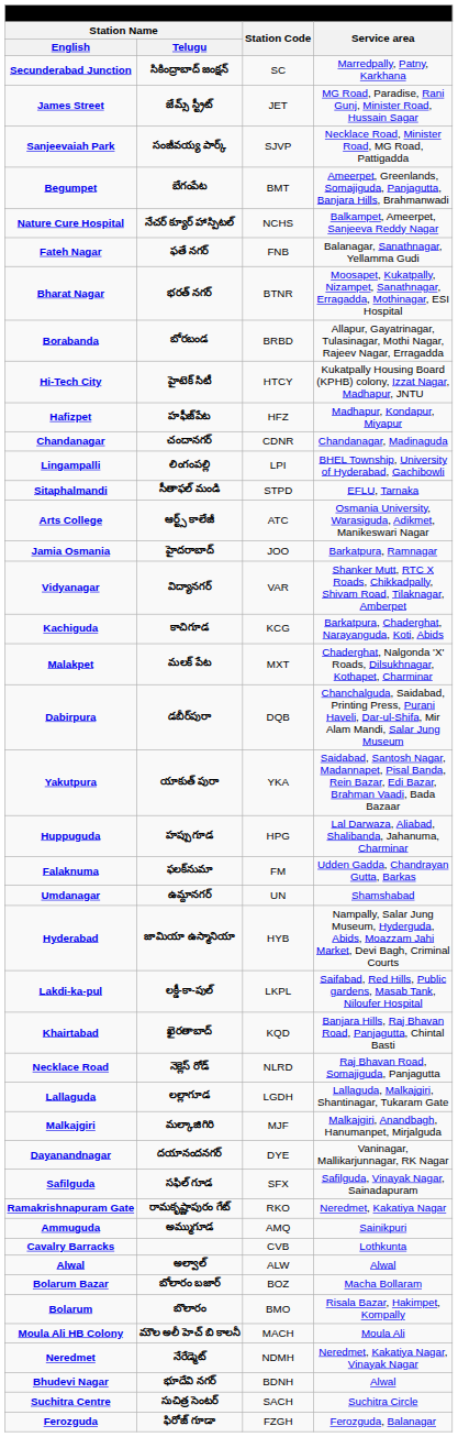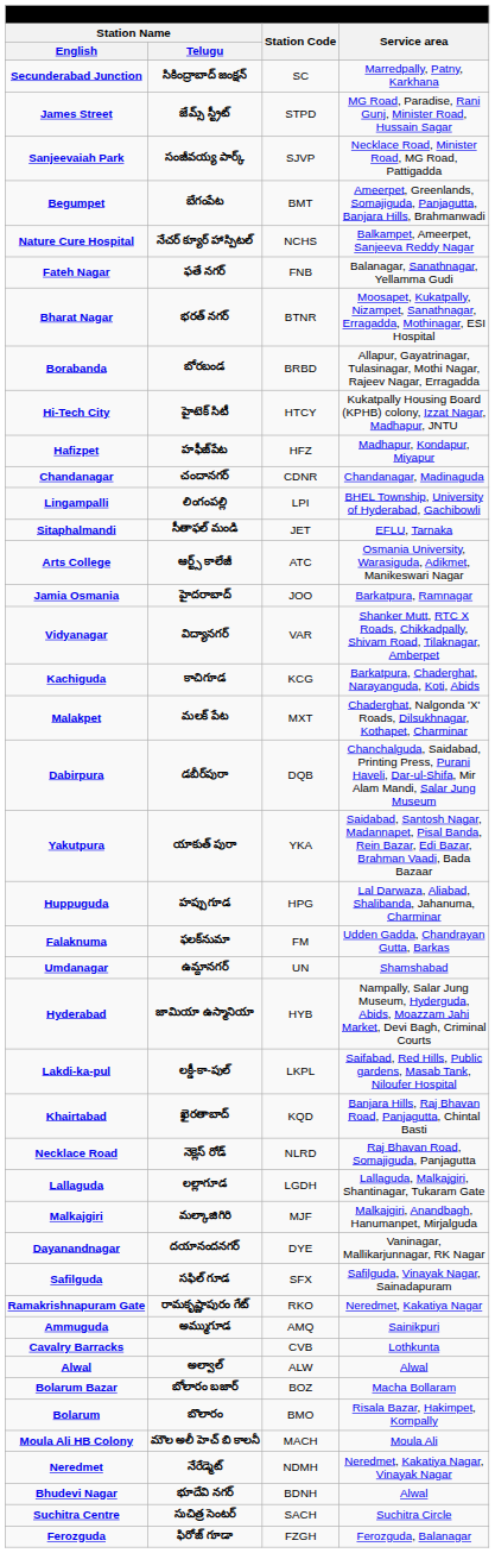 <table class="wikitable" style="text-align: center;">
 <tr>
 <th colspan="5" align="center" style="background:black ;"><span><strong>Hyderabad MMTS</strong></span></th>
 </tr>
 <tr>
 <th colspan=2>Station Name</th>
 <th rowspan=2>Station Code</th>
 <th rowspan=2>Service area</th>
 </tr>
 <tr>
 <th><a href='#'>English</a></th>
 <th><a href='#'>Telugu</a></th>
 </tr>
 <tr>
 <td><strong><a href='#'>Secunderabad Junction</a></strong></td>
 <td><strong>సికింద్రాబాద్ జంక్షన్</strong></td>
 <td>SC</td>
 <td width="200pt"><a href='#'>Marredpally</a>, <a href='#'>Patny</a>, <a href='#'>Karkhana</a></td>
 </tr>
 <tr>
 <td><strong><a href='#'>James Street</a></strong></td>
 <td><strong>జేమ్స్ స్ట్రీట్</strong></td>
-<td>JET</td>
+<td>STPD</td>
 <td width="200pt"><a href='#'>MG Road</a>, Paradise, <a href='#'>Rani Gunj</a>, <a href='#'>Minister Road</a>, <a href='#'>Hussain Sagar</a></td>
 </tr>
 <tr>
 <td><strong><a href='#'>Sanjeevaiah Park</a></strong></td>
 <td><strong>సంజీవయ్య పార్క్</strong></td>
 <td>SJVP</td>
 <td width="200pt"><a href='#'>Necklace Road</a>, <a href='#'>Minister Road</a>, MG Road, Pattigadda</td>
 </tr>
 <tr>
 <td><strong><a href='#'>Begumpet</a></strong></td>
 <td><strong>బేగంపేట</strong></td>
 <td>BMT</td>
 <td width="200pt"><a href='#'>Ameerpet</a>, Greenlands, <a href='#'>Somajiguda</a>, <a href='#'>Panjagutta</a>, <a href='#'>Banjara Hills</a>, Brahmanwadi</td>
 </tr>
 <tr>
 <td><strong><a href='#'>Nature Cure Hospital</a></strong></td>
 <td><strong>నేచర్ క్యూర్ హాస్పిటల్</strong></td>
 <td>NCHS</td>
 <td width="200pt"><a href='#'>Balkampet</a>, Ameerpet, <a href='#'>Sanjeeva Reddy Nagar</a></td>
 </tr>
 <tr>
 <td><strong><a href='#'>Fateh Nagar</a></strong></td>
 <td><strong>ఫతే నగర్</strong></td>
 <td>FNB</td>
 <td width="200pt">Balanagar, <a href='#'>Sanathnagar</a>, Yellamma Gudi</td>
 </tr>
 <tr>
 <td><strong><a href='#'>Bharat Nagar</a></strong></td>
 <td><strong>భరత్ నగర్</strong></td>
 <td>BTNR</td>
 <td width="200pt"><a href='#'>Moosapet</a>, <a href='#'>Kukatpally</a>, <a href='#'>Nizampet</a>, <a href='#'>Sanathnagar</a>, <a href='#'>Erragadda</a>, <a href='#'>Mothinagar</a>, ESI Hospital</td>
 </tr>
 <tr>
 <td><strong><a href='#'>Borabanda</a></strong></td>
 <td><strong>బోరబండ</strong></td>
 <td>BRBD</td>
 <td width="200pt">Allapur, Gayatrinagar, Tulasinagar, Mothi Nagar, Rajeev Nagar, Erragadda</td>
 </tr>
 <tr>
 <td><strong><a href='#'>Hi-Tech City</a></strong></td>
 <td><strong>హైటెక్ సిటీ</strong></td>
 <td>HTCY</td>
 <td width="200pt">Kukatpally Housing Board (KPHB) colony, <a href='#'>Izzat Nagar</a>, <a href='#'>Madhapur</a>, JNTU</td>
 </tr>
 <tr>
 <td><strong><a href='#'>Hafizpet</a></strong></td>
 <td><strong>హఫీజ్‌పేట</strong></td>
 <td>HFZ</td>
 <td width="200pt"><a href='#'>Madhapur</a>, <a href='#'>Kondapur</a>, <a href='#'>Miyapur</a></td>
 </tr>
 <tr>
 <td><strong><a href='#'>Chandanagar</a></strong></td>
 <td><strong>చందానగర్</strong></td>
 <td>CDNR</td>
 <td width="200pt"><a href='#'>Chandanagar</a>, <a href='#'>Madinaguda</a></td>
 </tr>
 <tr>
 <td><strong><a href='#'>Lingampalli</a></strong></td>
 <td><strong>లింగంపల్లి</strong></td>
 <td>LPI</td>
 <td width="200pt"><a href='#'>BHEL Township</a>, <a href='#'>University of Hyderabad</a>, <a href='#'>Gachibowli</a></td>
 </tr>
 <tr>
 <td><strong><a href='#'>Sitaphalmandi</a></strong></td>
 <td><strong>సీతాఫల్ మండి</strong></td>
-<td>STPD</td>
+<td>JET</td>
 <td width="200pt"><a href='#'>EFLU</a>, <a href='#'>Tarnaka</a></td>
 </tr>
 <tr>
 <td><strong><a href='#'>Arts College</a></strong></td>
 <td><strong>ఆర్ట్స్ కాలేజీ</strong></td>
 <td>ATC</td>
 <td width="200pt"><a href='#'>Osmania University</a>, <a href='#'>Warasiguda</a>, <a href='#'>Adikmet</a>, Manikeswari Nagar</td>
 </tr>
 <tr>
 <td><strong><a href='#'>Jamia Osmania</a></strong></td>
 <td><strong>హైదరాబాద్</strong></td>
 <td>JOO</td>
 <td width="200pt"><a href='#'>Barkatpura</a>, <a href='#'>Ramnagar</a></td>
 </tr>
 <tr>
 <td><strong><a href='#'>Vidyanagar</a></strong></td>
 <td><strong>విద్యానగర్</strong></td>
 <td>VAR</td>
 <td width="200pt"><a href='#'>Shanker Mutt</a>, <a href='#'>RTC X Roads</a>, <a href='#'>Chikkadpally</a>, <a href='#'>Shivam Road</a>, <a href='#'>Tilaknagar</a>, <a href='#'>Amberpet</a></td>
 </tr>
 <tr>
 <td><strong><a href='#'>Kachiguda</a></strong></td>
 <td><strong>కాచిగూడ</strong></td>
 <td>KCG</td>
 <td width="200pt"><a href='#'>Barkatpura</a>, <a href='#'>Chaderghat</a>, <a href='#'>Narayanguda</a>, <a href='#'>Koti</a>, <a href='#'>Abids</a></td>
 </tr>
 <tr>
 <td><strong><a href='#'>Malakpet</a></strong></td>
 <td><strong>మలక్ పేట</strong></td>
 <td>MXT</td>
 <td width="200pt"><a href='#'>Chaderghat</a>, Nalgonda 'X' Roads, <a href='#'>Dilsukhnagar</a>, <a href='#'>Kothapet</a>, <a href='#'>Charminar</a></td>
 </tr>
 <tr>
 <td><strong><a href='#'>Dabirpura</a></strong></td>
 <td><strong>డబీర్‌పురా</strong></td>
 <td>DQB</td>
 <td width="200pt"><a href='#'>Chanchalguda</a>, Saidabad, Printing Press, <a href='#'>Purani Haveli</a>, <a href='#'>Dar-ul-Shifa</a>, Mir Alam Mandi, <a href='#'>Salar Jung Museum</a></td>
 </tr>
 <tr>
 <td><strong><a href='#'>Yakutpura</a></strong></td>
 <td><strong>యాకుత్ పురా</strong></td>
 <td>YKA</td>
 <td width="200pt"><a href='#'>Saidabad</a>, <a href='#'>Santosh Nagar</a>, <a href='#'>Madannapet</a>, <a href='#'>Pisal Banda</a>, <a href='#'>Rein Bazar</a>, <a href='#'>Edi Bazar</a>, <a href='#'>Brahman Vaadi</a>, Bada Bazaar</td>
 </tr>
 <tr>
 <td><strong><a href='#'>Huppuguda</a></strong></td>
 <td><strong>హప్పుగూడ</strong></td>
 <td>HPG</td>
 <td width="200pt"><a href='#'>Lal Darwaza</a>, <a href='#'>Aliabad</a>, <a href='#'>Shalibanda</a>, Jahanuma, <a href='#'>Charminar</a></td>
 </tr>
 <tr>
 <td><strong><a href='#'>Falaknuma</a></strong></td>
 <td><strong>ఫలక్‌నుమా</strong></td>
 <td>FM</td>
 <td width="200pt"><a href='#'>Udden Gadda</a>, <a href='#'>Chandrayan Gutta</a>, <a href='#'>Barkas</a></td>
 </tr>
 <tr>
 <td><strong><a href='#'>Umdanagar</a></strong></td>
 <td><strong>ఉమ్దానగర్</strong></td>
 <td>UN</td>
 <td width="200pt"><a href='#'>Shamshabad</a></td>
 </tr>
 <tr>
 <td><strong><a href='#'>Hyderabad</a></strong></td>
 <td><strong>జామియా ఉస్మానియా</strong></td>
 <td>HYB</td>
 <td width="200pt">Nampally, Salar Jung Museum, <a href='#'>Hyderguda</a>, <a href='#'>Abids</a>, <a href='#'>Moazzam Jahi Market</a>, Devi Bagh, Criminal Courts</td>
 </tr>
 <tr>
 <td><strong><a href='#'>Lakdi-ka-pul</a></strong></td>
 <td><strong>లక్డీ-కా-పుల్</strong></td>
 <td>LKPL</td>
 <td width="200pt"><a href='#'>Saifabad</a>, <a href='#'>Red Hills</a>, <a href='#'>Public gardens</a>, <a href='#'>Masab Tank</a>, <a href='#'>Niloufer Hospital</a></td>
 </tr>
 <tr>
 <td><strong><a href='#'>Khairtabad</a></strong></td>
 <td><strong>ఖైరతాబాద్</strong></td>
 <td>KQD</td>
 <td width="200pt"><a href='#'>Banjara Hills</a>, <a href='#'>Raj Bhavan Road</a>, <a href='#'>Panjagutta</a>, Chintal Basti</td>
 </tr>
 <tr>
 <td><strong><a href='#'>Necklace Road</a></strong></td>
 <td><strong>నెక్లెస్ రోడ్</strong></td>
 <td>NLRD</td>
 <td width="200pt"><a href='#'>Raj Bhavan Road</a>, <a href='#'>Somajiguda</a>, Panjagutta</td>
 </tr>
 <tr>
 <td><strong><a href='#'>Lallaguda</a></strong></td>
 <td><strong>లల్లాగూడ</strong></td>
 <td>LGDH</td>
 <td width="200pt"><a href='#'>Lallaguda</a>, <a href='#'>Malkajgiri</a>, Shantinagar, Tukaram Gate</td>
 </tr>
 <tr>
 <td><strong><a href='#'>Malkajgiri</a></strong></td>
 <td><strong>మల్కాజిగిరి</strong></td>
 <td>MJF</td>
 <td width="200pt"><a href='#'>Malkajgiri</a>, <a href='#'>Anandbagh</a>, Hanumanpet, Mirjalguda</td>
 </tr>
 <tr>
 <td><strong><a href='#'>Dayanandnagar</a></strong></td>
 <td><strong>దయానందనగర్</strong></td>
 <td>DYE</td>
 <td width="200pt">Vaninagar, Mallikarjunnagar, RK Nagar</td>
 </tr>
 <tr>
 <td><strong><a href='#'>Safilguda</a></strong></td>
 <td><strong>సఫిల్ గూడ</strong></td>
 <td>SFX</td>
 <td width="200pt"><a href='#'>Safilguda</a>, <a href='#'>Vinayak Nagar</a>, Sainadapuram</td>
 </tr>
 <tr>
 <td><strong><a href='#'>Ramakrishnapuram Gate</a></strong></td>
 <td><strong>రామకృష్ణాపురం గేట్</strong></td>
 <td>RKO</td>
 <td width="200pt"><a href='#'>Neredmet</a>, <a href='#'>Kakatiya Nagar</a></td>
 </tr>
 <tr>
 <td><strong><a href='#'>Ammuguda</a></strong></td>
 <td><strong>అమ్ముగూడ</strong></td>
 <td>AMQ</td>
 <td width="200pt"><a href='#'>Sainikpuri</a></td>
 </tr>
 <tr>
 <td><strong><a href='#'>Cavalry Barracks</a></strong></td>
 <td></td>
 <td>CVB</td>
 <td width="200pt"><a href='#'>Lothkunta</a></td>
 </tr>
 <tr>
 <td><strong><a href='#'>Alwal</a></strong></td>
 <td><strong>అల్వాల్</strong></td>
 <td>ALW</td>
 <td width="200pt"><a href='#'>Alwal</a></td>
 </tr>
 <tr>
 <td><strong><a href='#'>Bolarum Bazar</a></strong></td>
 <td><strong>బోలారం బజార్</strong></td>
 <td>BOZ</td>
 <td width="200pt"><a href='#'>Macha Bollaram</a></td>
 </tr>
 <tr>
 <td><strong><a href='#'>Bolarum</a></strong></td>
 <td><strong>బొలారం</strong></td>
 <td>BMO</td>
 <td width="200pt"><a href='#'>Risala Bazar</a>, <a href='#'>Hakimpet</a>, <a href='#'>Kompally</a></td>
 </tr>
 <tr>
 <td><strong><a href='#'>Moula Ali HB Colony</a></strong></td>
 <td><strong>మౌల అలీ హెచ్ బి కాలనీ </strong></td>
 <td>MACH</td>
 <td><a href='#'>Moula Ali</a></td>
 </tr>
 <tr>
 <td><strong><a href='#'>Neredmet</a></strong></td>
 <td><strong>నేరేడ్మెట్ </strong></td>
 <td>NDMH</td>
 <td><a href='#'>Neredmet</a>, <a href='#'>Kakatiya Nagar</a>, <a href='#'>Vinayak Nagar</a></td>
 </tr>
 <tr>
 <td><strong><a href='#'>Bhudevi Nagar</a></strong></td>
 <td><strong>భూదేవి నగర్</strong></td>
 <td>BDNH</td>
 <td><a href='#'>Alwal</a></td>
 </tr>
 <tr>
 <td><strong><a href='#'>Suchitra Centre</a></strong></td>
 <td><strong>సుచిత్ర సెంటర్</strong></td>
 <td>SACH</td>
 <td><a href='#'>Suchitra Circle</a></td>
 </tr>
 <tr>
 <td><strong><a href='#'>Ferozguda</a></strong></td>
 <td><strong>ఫిరోజ్ గూడా</strong></td>
 <td>FZGH</td>
 <td><a href='#'>Ferozguda</a>, <a href='#'>Balanagar</a></td>
 </tr>
 </table>
